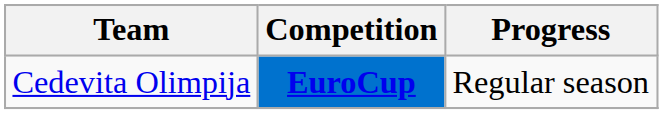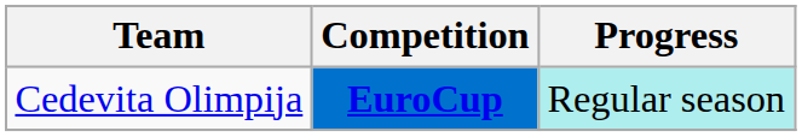 <table class="wikitable sortable">
 <tr>
 <th>Team</th>
 <th>Competition</th>
 <th>Progress</th>
 </tr>
 <tr>
 <td><a href='#'>Cedevita Olimpija</a></td>
 <td style="background-color:#0072CE; color:#FFFFFF; text-align:center"><strong><a href='#'><span>EuroCup</span></a></strong></td>
-<td>Regular season</td>
+<td style="background: paleturquoise;">Regular season</td>
 </tr>
 <tr>
 </tr>
 </table>
